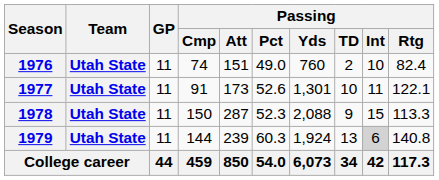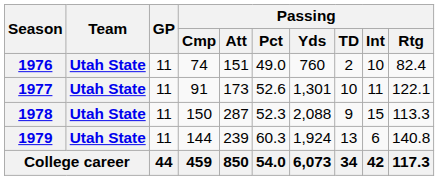 <table class="wikitable" style="text-align:center;">
 <tr>
 <th rowspan="2">Season</th>
 <th rowspan="2">Team</th>
 <th rowspan="2">GP</th>
 <th colspan="7">Passing</th>
 </tr>
 <tr>
 <th>Cmp</th>
 <th>Att</th>
 <th>Pct</th>
 <th>Yds</th>
 <th>TD</th>
 <th>Int</th>
 <th>Rtg</th>
 </tr>
 <tr>
 <th><a href='#'>1976</a></th>
 <th><a href='#'>Utah State</a></th>
 <td>11</td>
 <td>74</td>
 <td>151</td>
 <td>49.0</td>
 <td>760</td>
 <td>2</td>
 <td>10</td>
 <td>82.4</td>
 </tr>
 <tr>
 <th><a href='#'>1977</a></th>
 <th><a href='#'>Utah State</a></th>
 <td>11</td>
 <td>91</td>
 <td>173</td>
 <td>52.6</td>
 <td>1,301</td>
 <td>10</td>
 <td>11</td>
 <td>122.1</td>
 </tr>
 <tr>
 <th><a href='#'>1978</a></th>
 <th><a href='#'>Utah State</a></th>
 <td>11</td>
 <td>150</td>
 <td>287</td>
 <td>52.3</td>
 <td>2,088</td>
 <td>9</td>
 <td>15</td>
 <td>113.3</td>
 </tr>
 <tr>
 <th><a href='#'>1979</a></th>
 <th><a href='#'>Utah State</a></th>
 <td>11</td>
 <td>144</td>
 <td>239</td>
 <td>60.3</td>
 <td>1,924</td>
 <td>13</td>
-<td style="background: lightgrey;">6</td>
+<td>6</td>
 <td>140.8</td>
 </tr>
 <tr>
 <th colspan="2">College career</th>
 <th>44</th>
 <th>459</th>
 <th>850</th>
 <th>54.0</th>
 <th>6,073</th>
 <th>34</th>
 <th>42</th>
 <th>117.3</th>
 </tr>
 </table>
